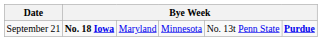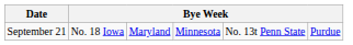 <table class="wikitable" style="font-size:95%;">
 <tr>
 <th>Date</th>
 <th colspan="5">Bye Week</th>
 </tr>
 <tr>
 <td>September 21</td>
-<td><strong>No. 18 <a href='#'>Iowa</a></strong></td>
+<td>No. 18 <a href='#'>Iowa</a></td>
 <td><a href='#'>Maryland</a></td>
 <td><a href='#'>Minnesota</a></td>
 <td>No. 13t <a href='#'>Penn State</a></td>
-<td><strong><a href='#'>Purdue</a></strong></td>
+<td><a href='#'>Purdue</a></td>
 </tr>
 </table>
